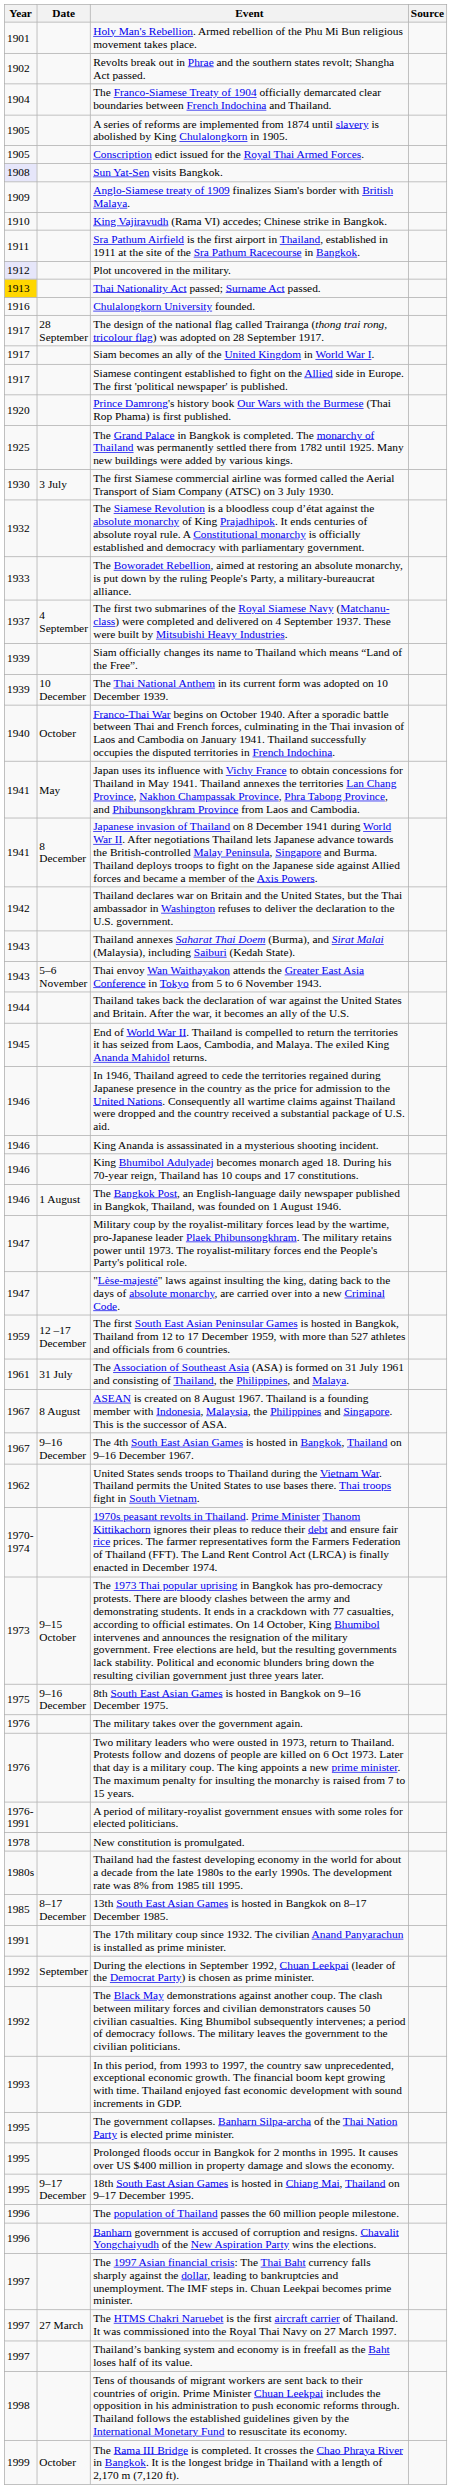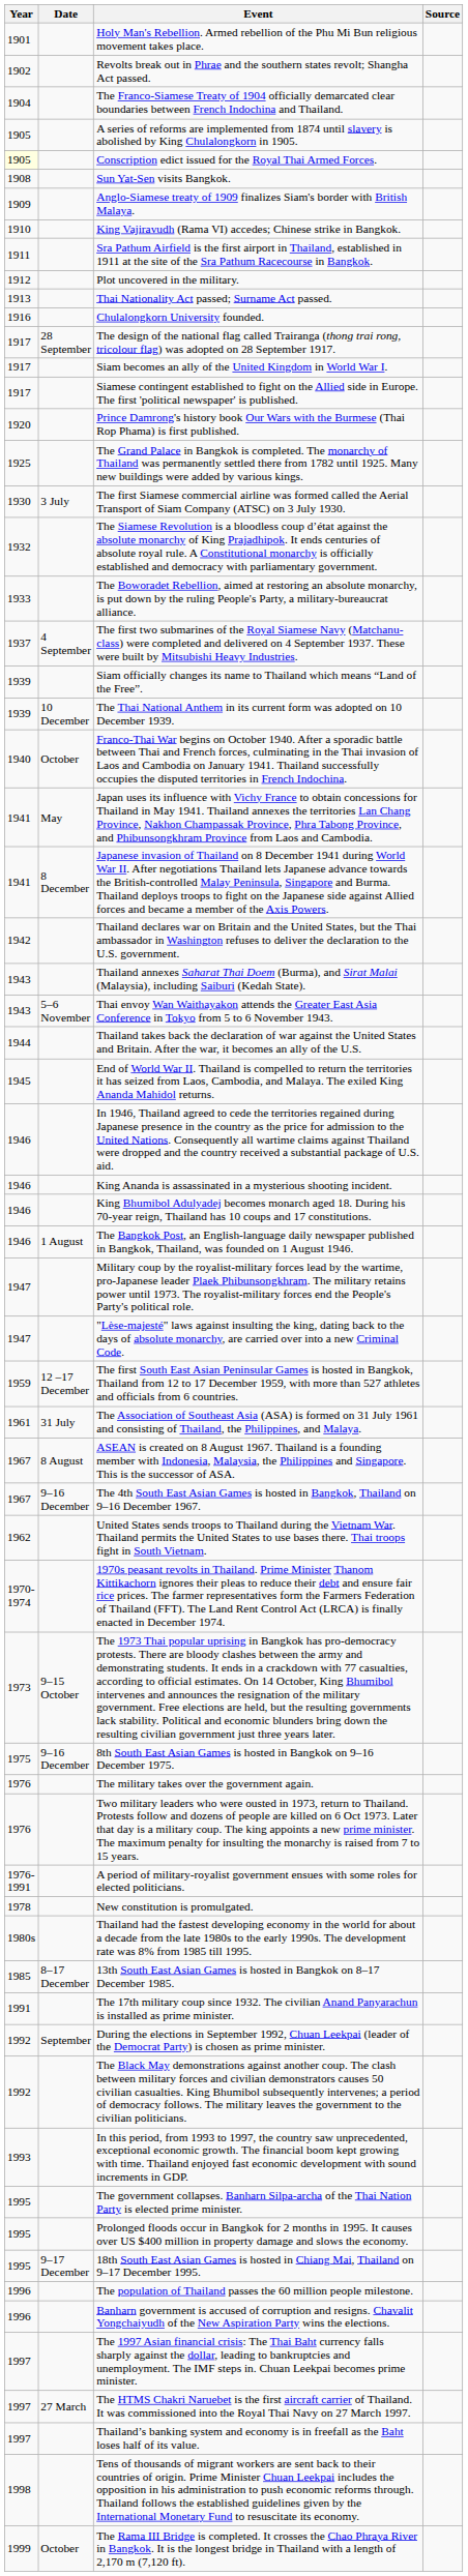 <table class="wikitable" width="100%">
 <tr>
 <th style="width:6%">Year</th>
 <th style="width:10%">Date</th>
 <th>Event</th>
 <th>Source</th>
 </tr>
 <tr>
 <td>1901</td>
 <td></td>
 <td><a href='#'>Holy Man's Rebellion</a>. Armed rebellion of the Phu Mi Bun religious movement takes place.</td>
 <td></td>
 </tr>
 <tr>
 <td>1902</td>
 <td></td>
 <td>Revolts break out in <a href='#'>Phrae</a> and the southern states revolt; Shangha Act passed.</td>
 <td></td>
 </tr>
 <tr>
 <td>1904</td>
 <td></td>
 <td>The <a href='#'>Franco-Siamese Treaty of 1904</a> officially demarcated clear boundaries between <a href='#'>French Indochina</a> and Thailand.</td>
 <td></td>
 </tr>
 <tr>
 <td>1905</td>
 <td></td>
 <td>A series of reforms are implemented from 1874 until <a href='#'>slavery</a> is abolished by King <a href='#'>Chulalongkorn</a> in 1905.</td>
 <td></td>
 </tr>
 <tr>
-<td>1905</td>
+<td style="background: lightyellow;">1905</td>
 <td></td>
 <td><a href='#'>Conscription</a> edict issued for the <a href='#'>Royal Thai Armed Forces</a>.</td>
 <td></td>
 </tr>
 <tr>
-<td style="background: lavender;">1908</td>
+<td>1908</td>
 <td></td>
 <td><a href='#'>Sun Yat-Sen</a> visits Bangkok.</td>
 <td></td>
 </tr>
 <tr>
 <td>1909</td>
 <td></td>
 <td><a href='#'>Anglo-Siamese treaty of 1909</a> finalizes Siam's border with <a href='#'>British Malaya</a>.</td>
 <td></td>
 </tr>
 <tr>
 <td>1910</td>
 <td></td>
 <td><a href='#'>King Vajiravudh</a> (Rama VI) accedes; Chinese strike in Bangkok.</td>
 <td></td>
 </tr>
 <tr>
 <td>1911</td>
 <td></td>
 <td><a href='#'>Sra Pathum Airfield</a> is the first airport in <a href='#'>Thailand</a>, established in 1911 at the site of the <a href='#'>Sra Pathum Racecourse</a> in <a href='#'>Bangkok</a>.</td>
 <td></td>
 </tr>
 <tr>
-<td style="background: lavender;">1912</td>
+<td>1912</td>
 <td></td>
 <td>Plot uncovered in the military.</td>
 <td></td>
 </tr>
 <tr>
-<td style="background: gold;">1913</td>
+<td>1913</td>
 <td></td>
 <td><a href='#'>Thai Nationality Act</a> passed; <a href='#'>Surname Act</a> passed.</td>
 <td></td>
 </tr>
 <tr>
 <td>1916</td>
 <td></td>
 <td><a href='#'>Chulalongkorn University</a> founded.</td>
 <td></td>
 </tr>
 <tr>
 <td>1917</td>
 <td>28 September</td>
 <td>The design of the national flag called Trairanga (<em>thong trai rong,</em> <a href='#'>tricolour flag</a>) was adopted on 28 September 1917.</td>
 <td></td>
 </tr>
 <tr>
 <td>1917</td>
 <td></td>
 <td>Siam becomes an ally of the <a href='#'>United Kingdom</a> in <a href='#'>World War I</a>.</td>
 <td></td>
 </tr>
 <tr>
 <td>1917</td>
 <td></td>
 <td>Siamese contingent established to fight on the <a href='#'>Allied</a> side in Europe. The first 'political newspaper' is published.</td>
 <td></td>
 </tr>
 <tr>
 <td>1920</td>
 <td></td>
 <td><a href='#'>Prince Damrong</a>'s history book <a href='#'>Our Wars with the Burmese</a> (Thai Rop Phama) is first published.</td>
 <td></td>
 </tr>
 <tr>
 <td>1925</td>
 <td></td>
 <td>The <a href='#'>Grand Palace</a> in Bangkok is completed. The <a href='#'>monarchy of Thailand</a> was permanently settled there from 1782 until 1925. Many new buildings were added by various kings.</td>
 <td></td>
 </tr>
 <tr>
 <td>1930</td>
 <td>3 July</td>
 <td>The first Siamese commercial airline was formed called the Aerial Transport of Siam Company (ATSC) on 3 July 1930.</td>
 <td></td>
 </tr>
 <tr>
 <td>1932</td>
 <td></td>
 <td>The <a href='#'>Siamese Revolution</a> is a bloodless coup d’état against the <a href='#'>absolute monarchy</a> of King <a href='#'>Prajadhipok</a>. It ends centuries of absolute royal rule. A <a href='#'>Constitutional monarchy</a> is officially established and democracy with parliamentary government.</td>
 <td></td>
 </tr>
 <tr>
 <td>1933</td>
 <td></td>
 <td>The <a href='#'>Boworadet Rebellion</a>, aimed at restoring an absolute monarchy, is put down by the ruling People's Party, a military-bureaucrat alliance.</td>
 <td></td>
 </tr>
 <tr>
 <td>1937</td>
 <td>4 September</td>
 <td>The first two submarines of the <a href='#'>Royal Siamese Navy</a> (<a href='#'>Matchanu-class</a>) were completed and delivered on 4 September 1937. These were built by <a href='#'>Mitsubishi Heavy Industries</a>.</td>
 <td></td>
 </tr>
 <tr>
 <td>1939</td>
 <td></td>
 <td>Siam officially changes its name to Thailand which means “Land of the Free”.</td>
 <td></td>
 </tr>
 <tr>
 <td>1939</td>
 <td>10 December</td>
 <td>The <a href='#'>Thai National Anthem</a> in its current form was adopted on 10 December 1939.</td>
 <td></td>
 </tr>
 <tr>
 <td>1940</td>
 <td>October</td>
 <td><a href='#'>Franco-Thai War</a> begins on October 1940. After a sporadic battle between Thai and French forces, culminating in the Thai invasion of Laos and Cambodia on January 1941. Thailand successfully occupies the disputed territories in <a href='#'>French Indochina</a>.</td>
 <td></td>
 </tr>
 <tr>
 <td>1941</td>
 <td>May</td>
 <td>Japan uses its influence with <a href='#'>Vichy France</a> to obtain concessions for Thailand in May 1941. Thailand annexes the territories <a href='#'>Lan Chang Province</a>, <a href='#'>Nakhon Champassak Province</a>, <a href='#'>Phra Tabong Province</a>, and <a href='#'>Phibunsongkhram Province</a> from Laos and Cambodia.</td>
 <td></td>
 </tr>
 <tr>
 <td>1941</td>
 <td>8 December</td>
 <td><a href='#'>Japanese invasion of Thailand</a> on 8 December 1941 during <a href='#'>World War II</a>. After negotiations Thailand lets Japanese advance towards the British-controlled <a href='#'>Malay Peninsula</a>, <a href='#'>Singapore</a> and Burma. Thailand deploys troops to fight on the Japanese side against Allied forces and became a member of the <a href='#'>Axis Powers</a>.</td>
 <td></td>
 </tr>
 <tr>
 <td>1942</td>
 <td></td>
 <td>Thailand declares war on Britain and the United States, but the Thai ambassador in <a href='#'>Washington</a> refuses to deliver the declaration to the U.S. government.</td>
 <td></td>
 </tr>
 <tr>
 <td>1943</td>
 <td></td>
 <td>Thailand annexes <em><a href='#'>Saharat Thai Doem</a></em> (Burma), and <em><a href='#'>Sirat Malai</a></em> (Malaysia), including <a href='#'>Saiburi</a> (Kedah State).</td>
 <td></td>
 </tr>
 <tr>
 <td>1943</td>
 <td>5–6 November</td>
 <td>Thai envoy <a href='#'>Wan Waithayakon</a> attends the <a href='#'>Greater East Asia Conference</a> in <a href='#'>Tokyo</a> from 5 to 6 November 1943.</td>
 <td></td>
 </tr>
 <tr>
 <td>1944</td>
 <td></td>
 <td>Thailand takes back the declaration of war against the United States and Britain. After the war, it becomes an ally of the U.S.</td>
 <td></td>
 </tr>
 <tr>
 <td>1945</td>
 <td></td>
 <td>End of <a href='#'>World War II</a>. Thailand is compelled to return the territories it has seized from Laos, Cambodia, and Malaya. The exiled King <a href='#'>Ananda Mahidol</a> returns.</td>
 <td></td>
 </tr>
 <tr>
 <td>1946</td>
 <td></td>
 <td>In 1946, Thailand agreed to cede the territories regained during Japanese presence in the country as the price for admission to the <a href='#'>United Nations</a>. Consequently all wartime claims against Thailand were dropped and the country received a substantial package of U.S. aid.</td>
 <td></td>
 </tr>
 <tr>
 <td>1946</td>
 <td></td>
 <td>King Ananda is assassinated in a mysterious shooting incident.</td>
 <td></td>
 </tr>
 <tr>
 <td>1946</td>
 <td></td>
 <td>King <a href='#'>Bhumibol Adulyadej</a> becomes monarch aged 18. During his 70-year reign, Thailand has 10 coups and 17 constitutions.</td>
 <td></td>
 </tr>
 <tr>
 <td>1946</td>
 <td>1 August</td>
 <td>The <a href='#'>Bangkok Post</a>, an English-language daily newspaper published in Bangkok, Thailand, was founded on 1 August 1946.</td>
 <td></td>
 </tr>
 <tr>
 <td>1947</td>
 <td></td>
 <td>Military coup by the royalist-military forces lead by the wartime, pro-Japanese leader <a href='#'>Plaek Phibunsongkhram</a>. The military retains power until 1973. The royalist-military forces end the People's Party's political role.</td>
 <td></td>
 </tr>
 <tr>
 <td>1947</td>
 <td></td>
 <td>"<a href='#'>Lèse-majesté</a>" laws against insulting the king, dating back to the days of <a href='#'>absolute monarchy</a>, are carried over into a new <a href='#'>Criminal Code</a>.</td>
 <td></td>
 </tr>
 <tr>
 <td>1959</td>
 <td>12 –17 December</td>
 <td>The first <a href='#'>South East Asian Peninsular Games</a> is hosted in Bangkok, Thailand from 12 to 17 December 1959, with more than 527 athletes and officials from 6 countries.</td>
 <td></td>
 </tr>
 <tr>
 <td>1961</td>
 <td>31 July</td>
 <td>The <a href='#'>Association of Southeast Asia</a> (ASA) is formed on 31 July 1961 and consisting of <a href='#'>Thailand</a>, the <a href='#'>Philippines</a>, and <a href='#'>Malaya</a>.</td>
 <td></td>
 </tr>
 <tr>
 <td>1967</td>
 <td>8 August</td>
 <td><a href='#'>ASEAN</a> is created on 8 August 1967. Thailand is a founding member with <a href='#'>Indonesia</a>, <a href='#'>Malaysia</a>, the <a href='#'>Philippines</a> and <a href='#'>Singapore</a>. This is the successor of ASA.</td>
 <td></td>
 </tr>
 <tr>
 <td>1967</td>
 <td>9–16 December</td>
 <td>The 4th <a href='#'>South East Asian Games</a> is hosted in <a href='#'>Bangkok</a>, <a href='#'>Thailand</a> on 9–16 December 1967.</td>
 <td></td>
 </tr>
 <tr>
 <td>1962</td>
 <td></td>
 <td>United States sends troops to Thailand during the <a href='#'>Vietnam War</a>. Thailand permits the United States to use bases there. <a href='#'>Thai troops</a> fight in <a href='#'>South Vietnam</a>.</td>
 <td></td>
 </tr>
 <tr>
 <td>1970-1974</td>
 <td></td>
 <td><a href='#'>1970s peasant revolts in Thailand</a>. <a href='#'>Prime Minister</a> <a href='#'>Thanom Kittikachorn</a> ignores their pleas to reduce their <a href='#'>debt</a> and ensure fair <a href='#'>rice</a> prices. The farmer representatives form the Farmers Federation of Thailand (FFT). The Land Rent Control Act (LRCA) is finally enacted in December 1974.</td>
 <td></td>
 </tr>
 <tr>
 <td>1973</td>
 <td>9–15 October</td>
 <td>The <a href='#'>1973 Thai popular uprising</a> in Bangkok has pro-democracy protests. There are bloody clashes between the army and demonstrating students. It ends in a crackdown with 77 casualties, according to official estimates. On 14 October, King <a href='#'>Bhumibol</a> intervenes and announces the resignation of the military government. Free elections are held, but the resulting governments lack stability. Political and economic blunders bring down the resulting civilian government just three years later.</td>
 <td></td>
 </tr>
 <tr>
 <td>1975</td>
 <td>9–16 December</td>
 <td>8th <a href='#'>South East Asian Games</a> is hosted in Bangkok on 9–16 December 1975.</td>
 <td></td>
 </tr>
 <tr>
 <td>1976</td>
 <td></td>
 <td>The military takes over the government again.</td>
 <td></td>
 </tr>
 <tr>
 <td>1976</td>
 <td></td>
 <td>Two military leaders who were ousted in 1973, return to Thailand. Protests follow and dozens of people are killed on 6 Oct 1973. Later that day is a military coup. The king appoints a new <a href='#'>prime minister</a>. The maximum penalty for insulting the monarchy is raised from 7 to 15 years.</td>
 <td></td>
 </tr>
 <tr>
 <td>1976-1991</td>
 <td></td>
 <td>A period of military-royalist government ensues with some roles for elected politicians.</td>
 <td></td>
 </tr>
 <tr>
 <td>1978</td>
 <td></td>
 <td>New constitution is promulgated.</td>
 <td></td>
 </tr>
 <tr>
 <td>1980s</td>
 <td></td>
 <td>Thailand had the fastest developing economy in the world for about a decade from the late 1980s to the early 1990s. The development rate was 8% from 1985 till 1995.</td>
 <td></td>
 </tr>
 <tr>
 <td>1985</td>
 <td>8–17 December</td>
 <td>13th <a href='#'>South East Asian Games</a> is hosted in Bangkok on 8–17 December 1985.</td>
 <td></td>
 </tr>
 <tr>
 <td>1991</td>
 <td></td>
 <td>The 17th military coup since 1932. The civilian <a href='#'>Anand Panyarachun</a> is installed as prime minister.</td>
 <td></td>
 </tr>
 <tr>
 <td>1992</td>
 <td>September</td>
 <td>During the elections in September 1992, <a href='#'>Chuan Leekpai</a> (leader of the <a href='#'>Democrat Party</a>) is chosen as prime minister.</td>
 <td></td>
 </tr>
 <tr>
 <td>1992</td>
 <td></td>
 <td>The <a href='#'>Black May</a> demonstrations against another coup. The clash between military forces and civilian demonstrators causes 50 civilian casualties. King Bhumibol subsequently intervenes; a period of democracy follows. The military leaves the government to the civilian politicians.</td>
 <td></td>
 </tr>
 <tr>
 <td>1993</td>
 <td></td>
 <td>In this period, from 1993 to 1997, the country saw unprecedented, exceptional economic growth. The financial boom kept growing with time. Thailand enjoyed fast economic development with sound increments in GDP.</td>
 <td></td>
 </tr>
 <tr>
 <td>1995</td>
 <td></td>
 <td>The government collapses. <a href='#'>Banharn Silpa-archa</a> of the <a href='#'>Thai Nation Party</a> is elected prime minister.</td>
 <td></td>
 </tr>
 <tr>
 <td>1995</td>
 <td></td>
 <td>Prolonged floods occur in Bangkok for 2 months in 1995. It causes over US $400 million in property damage and slows the economy.</td>
 <td></td>
 </tr>
 <tr>
 <td>1995</td>
 <td>9–17 December</td>
 <td>18th <a href='#'>South East Asian Games</a> is hosted in <a href='#'>Chiang Mai</a>, <a href='#'>Thailand</a> on 9–17 December 1995.</td>
 <td></td>
 </tr>
 <tr>
 <td>1996</td>
 <td></td>
 <td>The <a href='#'>population of Thailand</a> passes the 60 million people milestone.</td>
 <td></td>
 </tr>
 <tr>
 <td>1996</td>
 <td></td>
 <td><a href='#'>Banharn</a> government is accused of corruption and resigns. <a href='#'>Chavalit Yongchaiyudh</a> of the <a href='#'>New Aspiration Party</a> wins the elections.</td>
 <td></td>
 </tr>
 <tr>
 <td>1997</td>
 <td></td>
 <td>The <a href='#'>1997 Asian financial crisis</a>: The <a href='#'>Thai Baht</a> currency falls sharply against the <a href='#'>dollar</a>, leading to bankruptcies and unemployment. The IMF steps in. Chuan Leekpai becomes prime minister.</td>
 <td></td>
 </tr>
 <tr>
 <td>1997</td>
 <td>27 March</td>
 <td>The <a href='#'>HTMS Chakri Naruebet</a> is the first <a href='#'>aircraft carrier</a> of Thailand. It was commissioned into the Royal Thai Navy on 27 March 1997.</td>
 <td></td>
 </tr>
 <tr>
 <td>1997</td>
 <td></td>
 <td>Thailand’s banking system and economy is in freefall as the <a href='#'>Baht</a> loses half of its value.</td>
 <td></td>
 </tr>
 <tr>
 <td>1998</td>
 <td></td>
 <td>Tens of thousands of migrant workers are sent back to their countries of origin. Prime Minister <a href='#'>Chuan Leekpai</a> includes the opposition in his administration to push economic reforms through. Thailand follows the established guidelines given by the <a href='#'>International Monetary Fund</a> to resuscitate its economy.</td>
 <td></td>
 </tr>
 <tr>
 <td>1999</td>
 <td>October</td>
 <td>The <a href='#'>Rama III Bridge</a> is completed. It crosses the <a href='#'>Chao Phraya River</a> in <a href='#'>Bangkok</a>. It is the longest bridge in Thailand with a length of 2,170 m (7,120 ft).</td>
 <td></td>
 </tr>
 </table>
